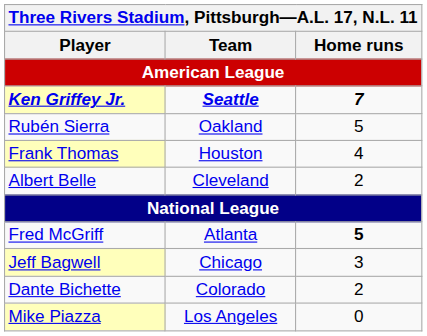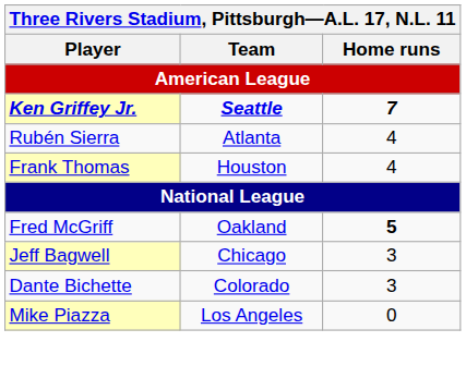 <table class="wikitable" style="text-align:right;">
 <tr>
 <th colspan="3"><a href='#'>Three Rivers Stadium</a>, Pittsburgh—A.L. 17, N.L. 11</th>
 </tr>
 <tr>
 <th>Player</th>
 <th>Team</th>
 <th>Home runs</th>
 </tr>
 <tr>
 <th colspan="3" style="text-align:center; background:#CC0001; color:#FFFFFF;">American League</th>
 </tr>
 <tr>
 <td align="left" style="background:#ffb"><strong><em><a href='#'>Ken Griffey Jr.</a></em></strong></td>
 <td style="text-align:center;"><strong><em><a href='#'>Seattle</a></em></strong></td>
 <td style="text-align:center;"><strong><em>7</em></strong></td>
 </tr>
 <tr>
 <td align="left"><a href='#'>Rubén Sierra</a></td>
-<td style="text-align:center;"><a href='#'>Oakland</a></td>
-<td style="text-align:center;">5</td>
+<td style="text-align:center;"><a href='#'>Atlanta</a></td>
+<td style="text-align:center;">4</td>
 </tr>
 <tr>
 <td align="left" style="background:#ffb"><a href='#'>Frank Thomas</a></td>
 <td style="text-align:center;"><a href='#'>Houston</a></td>
 <td style="text-align:center;">4</td>
 </tr>
 <tr>
-<td align="left"><a href='#'>Albert Belle</a></td>
-<td style="text-align:center;"><a href='#'>Cleveland</a></td>
-<td style="text-align:center;">2</td>
-</tr>
-<tr>
 <th colspan="3" style="text-align:center; background:#020088; color:#FFFFFF;">National League</th>
 </tr>
 <tr>
 <td align="left"><a href='#'>Fred McGriff</a></td>
-<td style="text-align:center;"><a href='#'>Atlanta</a></td>
+<td style="text-align:center;"><a href='#'>Oakland</a></td>
 <td style="text-align:center;"><strong>5</strong></td>
 </tr>
 <tr>
 <td align="left" style="background:#ffb"><a href='#'>Jeff Bagwell</a></td>
 <td style="text-align:center;"><a href='#'>Chicago</a></td>
 <td style="text-align:center;">3</td>
 </tr>
 <tr>
 <td align="left"><a href='#'>Dante Bichette</a></td>
 <td style="text-align:center;"><a href='#'>Colorado</a></td>
-<td style="text-align:center;">2</td>
+<td style="text-align:center;">3</td>
 </tr>
 <tr>
 <td align="left" style="background:#ffb"><a href='#'>Mike Piazza</a></td>
 <td style="text-align:center;"><a href='#'>Los Angeles</a></td>
 <td style="text-align:center;">0</td>
 </tr>
 </table>
